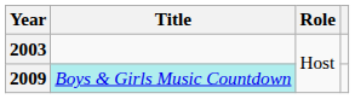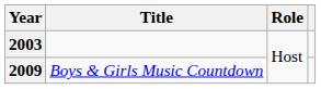 <table class="wikitable plainrowheaders sortable">
 <tr>
 <th scope="col">Year</th>
 <th scope="col">Title</th>
 <th scope="col">Role</th>
 <th scope="col" class="unsortable"></th>
 </tr>
 <tr>
 <th scope="row">2003</th>
 <td><em></em></td>
 <td rowspan="2">Host</td>
 <td style="text-align:center"></td>
 </tr>
 <tr>
 <th scope="row">2009</th>
-<td style="background: paleturquoise;"><em><a href='#'>Boys & Girls Music Countdown</a></em></td>
+<td><em><a href='#'>Boys & Girls Music Countdown</a></em></td>
 <td style="text-align:center"></td>
 </tr>
 </table>
